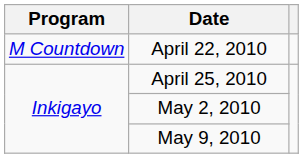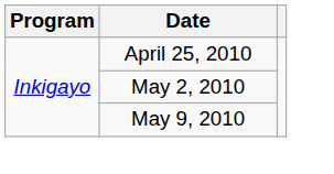 <table class="wikitable" style="text-align:center">
 <tr>
 <th>Program</th>
 <th width="130">Date</th>
 <th class="unsortable"></th>
-</tr>
-<tr>
-<td><em><a href='#'>M Countdown</a></em></td>
-<td>April 22, 2010</td>
-<td></td>
 </tr>
 <tr>
 <td rowspan="3"><em><a href='#'>Inkigayo</a></em></td>
 <td>April 25, 2010</td>
 <td rowspan="3"></td>
 </tr>
 <tr>
 <td>May 2, 2010</td>
 </tr>
 <tr>
 <td>May 9, 2010</td>
 </tr>
 </table>
